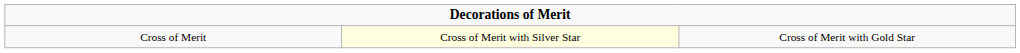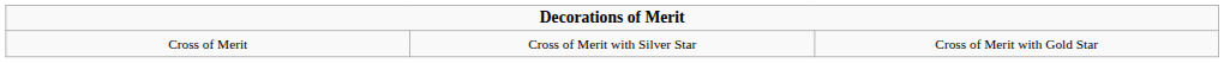 <table class="wikitable" style="margin:1em auto; width:60%;">
 <tr>
 <td colspan="3" style="text-align:center;"><strong>Decorations of Merit</strong></td>
 </tr>
 <tr>
 <td style="vertical-align:top; width:20%; text-align:center;"><small>Cross of Merit</small></td>
-<td style="background: lightyellow; vertical-align:top; width:20%; text-align:center;"><small>Cross of Merit with Silver Star</small></td>
+<td style="vertical-align:top; width:20%; text-align:center;"><small>Cross of Merit with Silver Star</small></td>
 <td style="vertical-align:top; width:20%; text-align:center;"><small>Cross of Merit with Gold Star</small></td>
 </tr>
 </table>
